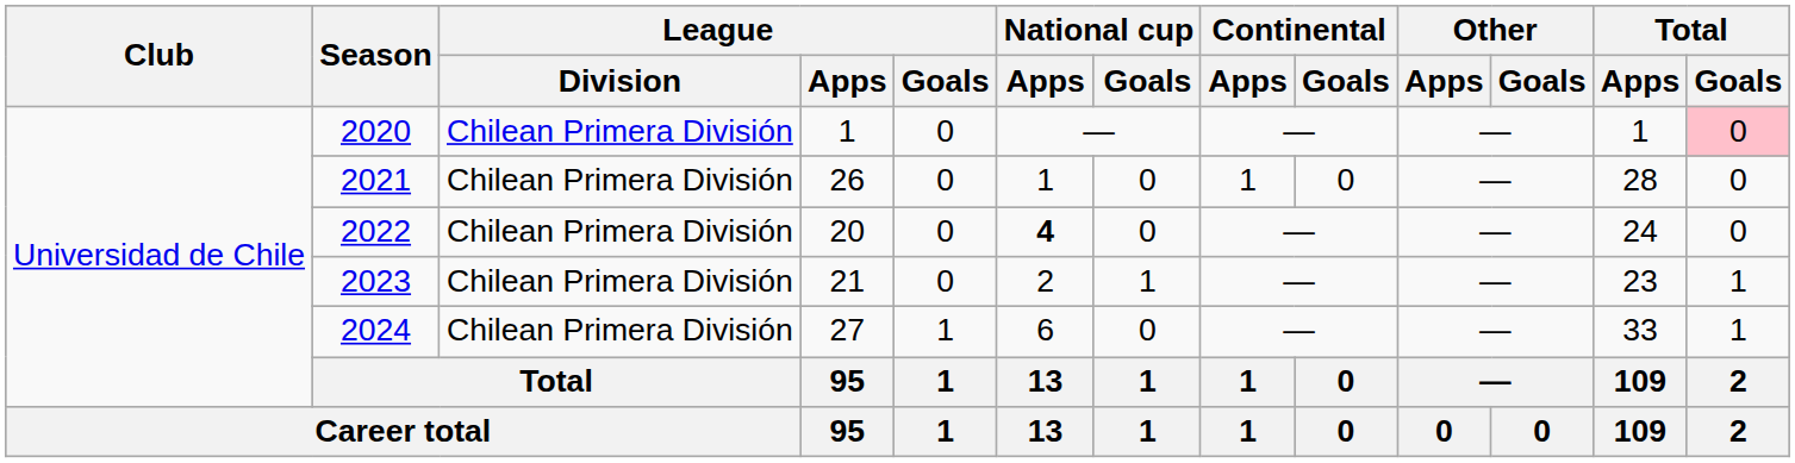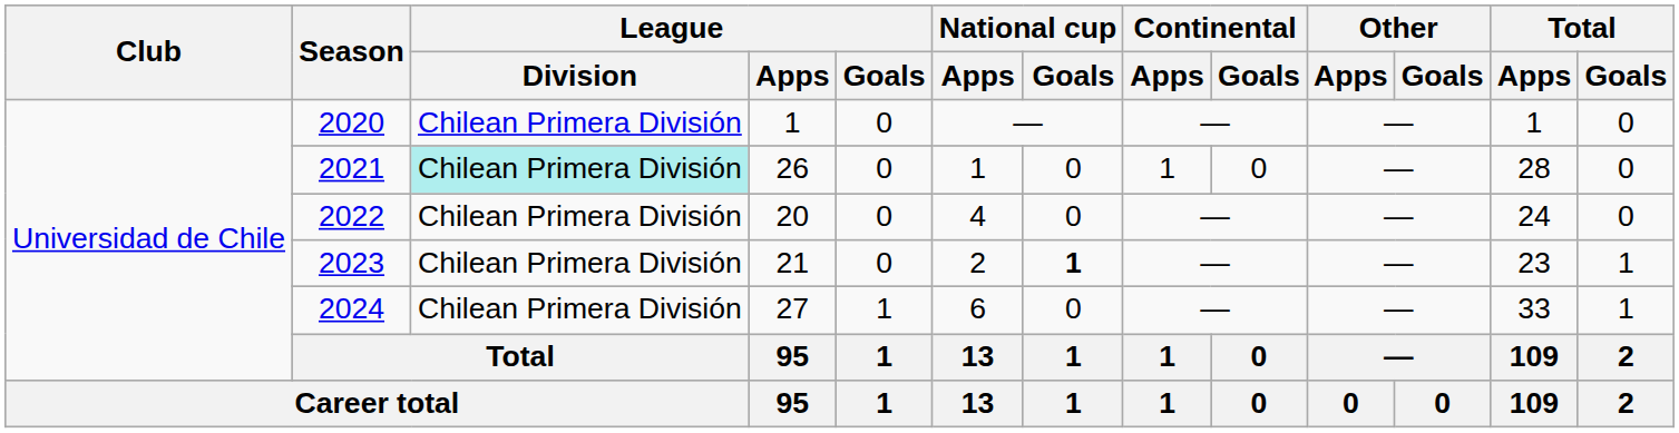 <table class="wikitable" style="text-align: center">
 <tr>
 <th rowspan="2">Club</th>
 <th rowspan="2">Season</th>
 <th colspan="3">League</th>
 <th colspan="2">National cup</th>
 <th colspan="2">Continental</th>
 <th colspan="2">Other</th>
 <th colspan="2">Total</th>
 </tr>
 <tr>
 <th>Division</th>
 <th>Apps</th>
 <th>Goals</th>
 <th>Apps</th>
 <th>Goals</th>
 <th>Apps</th>
 <th>Goals</th>
 <th>Apps</th>
 <th>Goals</th>
 <th>Apps</th>
 <th>Goals</th>
 </tr>
 <tr>
 <td rowspan="6"><a href='#'>Universidad de Chile</a></td>
 <td><a href='#'>2020</a></td>
 <td><a href='#'>Chilean Primera División</a></td>
 <td>1</td>
 <td>0</td>
 <td colspan="2">—</td>
 <td colspan="2">—</td>
 <td colspan="2">—</td>
 <td>1</td>
-<td style="background: pink;">0</td>
+<td>0</td>
 </tr>
 <tr>
 <td><a href='#'>2021</a></td>
-<td>Chilean Primera División</td>
+<td style="background: paleturquoise;">Chilean Primera División</td>
 <td>26</td>
 <td>0</td>
 <td>1</td>
 <td>0</td>
 <td>1</td>
 <td>0</td>
 <td colspan="2">—</td>
 <td>28</td>
 <td>0</td>
 </tr>
 <tr>
 <td><a href='#'>2022</a></td>
 <td>Chilean Primera División</td>
 <td>20</td>
 <td>0</td>
-<td><strong>4</strong></td>
+<td>4</td>
 <td>0</td>
 <td colspan="2">—</td>
 <td colspan="2">—</td>
 <td>24</td>
 <td>0</td>
 </tr>
 <tr>
 <td><a href='#'>2023</a></td>
 <td>Chilean Primera División</td>
 <td>21</td>
 <td>0</td>
 <td>2</td>
-<td>1</td>
+<td><strong>1</strong></td>
 <td colspan="2">—</td>
 <td colspan="2">—</td>
 <td>23</td>
 <td>1</td>
 </tr>
 <tr>
 <td><a href='#'>2024</a></td>
 <td>Chilean Primera División</td>
 <td>27</td>
 <td>1</td>
 <td>6</td>
 <td>0</td>
 <td colspan="2">—</td>
 <td colspan="2">—</td>
 <td>33</td>
 <td>1</td>
 </tr>
 <tr>
 <th colspan="2">Total</th>
 <th>95</th>
 <th>1</th>
 <th>13</th>
 <th>1</th>
 <th>1</th>
 <th>0</th>
 <th colspan="2">—</th>
 <th>109</th>
 <th>2</th>
 </tr>
 <tr>
 <th colspan="3">Career total</th>
 <th>95</th>
 <th>1</th>
 <th>13</th>
 <th>1</th>
 <th>1</th>
 <th>0</th>
 <th>0</th>
 <th>0</th>
 <th>109</th>
 <th>2</th>
 </tr>
 </table>
